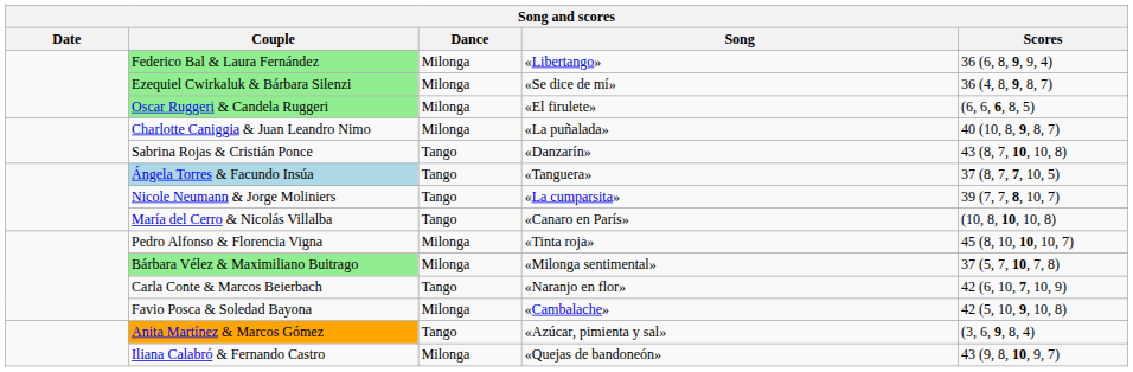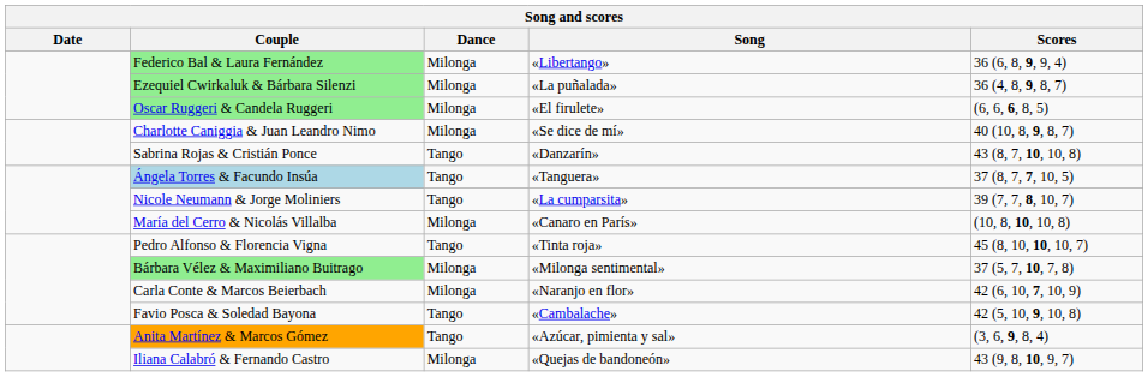 <table class="wikitable collapsible collapsed" style=" text-align: align; width: 100%;">
 <tr>
 <th colspan="11" style="with: 100%;" align="center">Song and scores</th>
 </tr>
 <tr>
 <th width=85>Date</th>
 <th width=210>Couple</th>
 <th width=70>Dance</th>
 <th width=320>Song</th>
 <th width=120>Scores</th>
 </tr>
 <tr>
 <td rowspan="3"></td>
 <td bgcolor="lightgreen">Federico Bal & Laura Fernández</td>
 <td>Milonga</td>
 <td>«<a href='#'>Libertango</a>» </td>
 <td>36 (6, 8, <strong>9</strong>, 9, 4)</td>
 </tr>
 <tr>
 <td bgcolor="lightgreen">Ezequiel Cwirkaluk & Bárbara Silenzi</td>
 <td>Milonga</td>
-<td>«Se dice de mí» </td>
+<td>«La puñalada» </td>
 <td>36 (4, 8, <strong>9</strong>, 8, 7)</td>
 </tr>
 <tr>
 <td bgcolor="lightgreen"><a href='#'>Oscar Ruggeri</a> & Candela Ruggeri</td>
 <td>Milonga</td>
 <td>«El firulete» </td>
 <td> (6, 6, <strong>6</strong>, 8, 5)</td>
 </tr>
 <tr>
 <td rowspan="2"></td>
 <td bgcolor=""><a href='#'>Charlotte Caniggia</a> & Juan Leandro Nimo</td>
 <td>Milonga</td>
-<td>«La puñalada» </td>
+<td>«Se dice de mí» </td>
 <td>40 (10, 8, <strong>9</strong>, 8, 7)</td>
 </tr>
 <tr>
 <td bgcolor="">Sabrina Rojas & Cristián Ponce</td>
 <td>Tango</td>
 <td>«Danzarín» </td>
 <td>43 (8, 7, <strong>10</strong>, 10, 8)</td>
 </tr>
 <tr>
 <td rowspan="3"></td>
 <td bgcolor="lightblue"><a href='#'>Ángela Torres</a> & Facundo Insúa</td>
 <td>Tango</td>
 <td>«Tanguera» </td>
 <td>37 (8, 7, <strong>7</strong>, 10, 5)</td>
 </tr>
 <tr>
 <td bgcolor=""><a href='#'>Nicole Neumann</a> & Jorge Moliniers</td>
 <td>Tango</td>
 <td>«<a href='#'>La cumparsita</a>» </td>
 <td>39 (7, 7, <strong>8</strong>, 10, 7)</td>
 </tr>
 <tr>
 <td bgcolor=""><a href='#'>María del Cerro</a> & Nicolás Villalba</td>
-<td>Tango</td>
+<td>Milonga</td>
 <td>«Canaro en París» </td>
 <td> (10, 8, <strong>10</strong>, 10, 8)</td>
 </tr>
 <tr>
 <td rowspan="4"></td>
 <td bgcolor="">Pedro Alfonso & Florencia Vigna</td>
-<td>Milonga</td>
+<td>Tango</td>
 <td>«Tinta roja» </td>
 <td>45 (8, 10, <strong>10</strong>, 10, 7)</td>
 </tr>
 <tr>
 <td bgcolor="lightgreen">Bárbara Vélez & Maximiliano Buitrago</td>
 <td>Milonga</td>
 <td>«Milonga sentimental» </td>
 <td>37 (5, 7, <strong>10</strong>, 7, 8)</td>
 </tr>
 <tr>
 <td bgcolor="">Carla Conte & Marcos Beierbach</td>
-<td>Tango</td>
+<td>Milonga</td>
 <td>«Naranjo en flor» </td>
 <td>42 (6, 10, <strong>7</strong>, 10, 9)</td>
 </tr>
 <tr>
 <td bgcolor="">Favio Posca & Soledad Bayona</td>
-<td>Milonga</td>
+<td>Tango</td>
 <td>«<a href='#'>Cambalache</a>» </td>
 <td>42 (5, 10, <strong>9</strong>, 10, 8)</td>
 </tr>
 <tr>
 <td rowspan="2"></td>
 <td bgcolor="orange"><a href='#'>Anita Martínez</a> & Marcos Gómez</td>
 <td>Tango</td>
 <td>«Azúcar, pimienta y sal» </td>
 <td> (3, 6, <strong>9</strong>, 8, 4)</td>
 </tr>
 <tr>
 <td bgcolor=""><a href='#'>Iliana Calabró</a> & Fernando Castro</td>
 <td>Milonga</td>
 <td>«Quejas de bandoneón» </td>
 <td>43 (9, 8, <strong>10</strong>, 9, 7)</td>
 </tr>
 </table>
